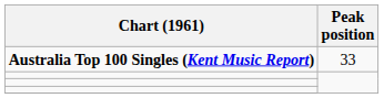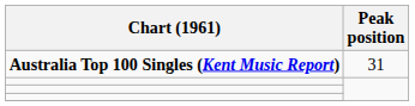 <table class="wikitable sortable">
 <tr>
 <th>Chart (1961)</th>
 <th>Peak<br>position</th>
 </tr>
 <tr>
 <td><strong>Australia Top 100 Singles (<em><a href='#'>Kent Music Report</a></em>)</strong></td>
-<td align="center">33</td>
+<td align="center">31</td>
 </tr>
 <tr>
 <td></td>
 </tr>
 <tr>
 <td></td>
 </tr>
 <tr>
 <td></td>
 </tr>
 <tr>
 </tr>
 </table>
